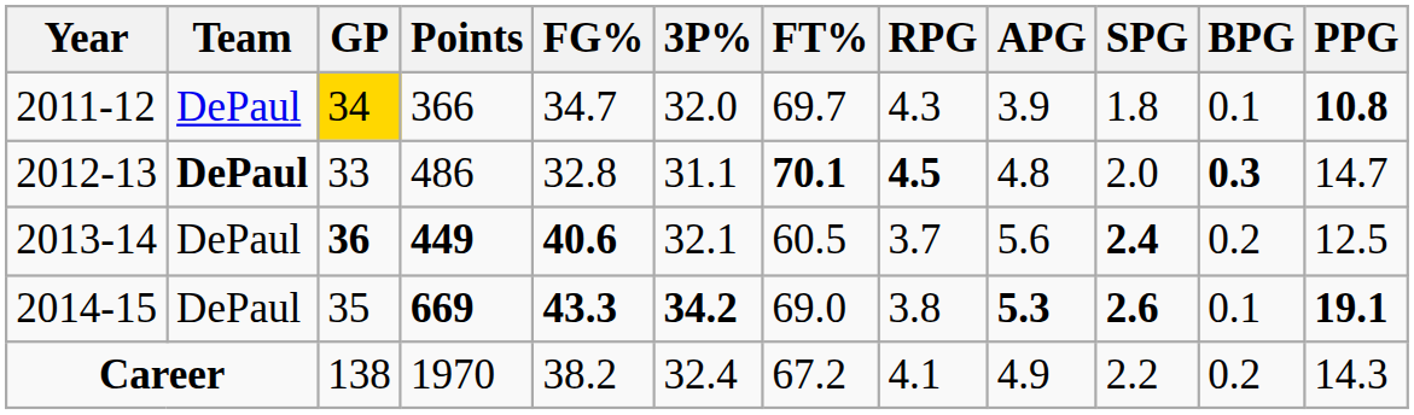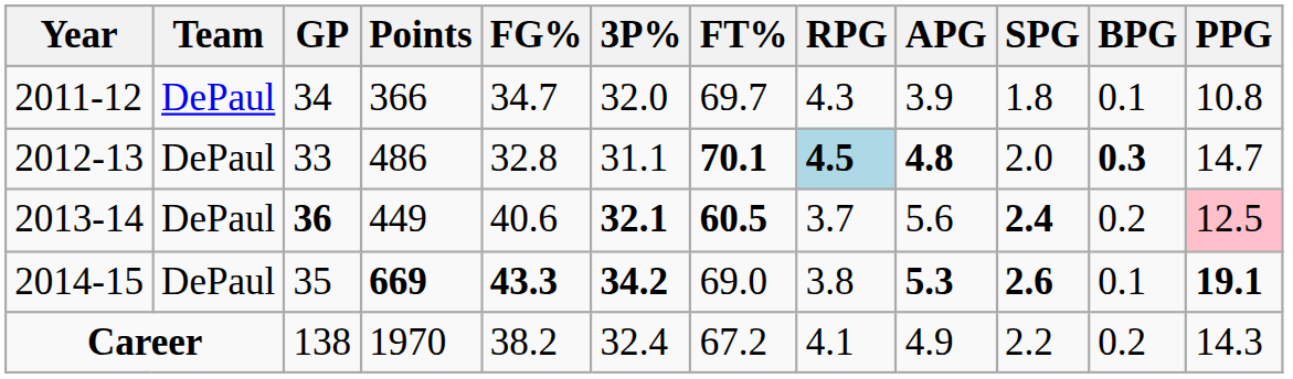 <table class="wikitable sortable">
 <tr>
 <th>Year</th>
 <th>Team</th>
 <th>GP</th>
 <th>Points</th>
 <th>FG%</th>
 <th>3P%</th>
 <th>FT%</th>
 <th>RPG</th>
 <th>APG</th>
 <th>SPG</th>
 <th>BPG</th>
 <th>PPG</th>
 </tr>
 <tr>
 <td>2011-12</td>
 <td><a href='#'>DePaul</a></td>
-<td style="background: gold;">34</td>
+<td>34</td>
 <td>366</td>
 <td>34.7</td>
 <td>32.0</td>
 <td>69.7</td>
 <td>4.3</td>
 <td>3.9</td>
 <td>1.8</td>
 <td>0.1</td>
-<td><strong>10.8</strong></td>
+<td>10.8</td>
 </tr>
 <tr>
 <td>2012-13</td>
-<td><strong>DePaul</strong></td>
+<td>DePaul</td>
 <td>33</td>
 <td>486</td>
 <td>32.8</td>
 <td>31.1</td>
 <td><strong>70.1</strong></td>
-<td><strong>4.5</strong></td>
-<td>4.8</td>
+<td style="background: lightblue;"><strong>4.5</strong></td>
+<td><strong>4.8</strong></td>
 <td>2.0</td>
 <td><strong>0.3</strong></td>
 <td>14.7</td>
 </tr>
 <tr>
 <td>2013-14</td>
 <td>DePaul</td>
 <td><strong>36</strong></td>
-<td><strong>449</strong></td>
-<td><strong>40.6</strong></td>
-<td>32.1</td>
-<td>60.5</td>
+<td>449</td>
+<td>40.6</td>
+<td><strong>32.1</strong></td>
+<td><strong>60.5</strong></td>
 <td>3.7</td>
 <td>5.6</td>
 <td><strong>2.4</strong></td>
 <td>0.2</td>
-<td>12.5</td>
+<td style="background: pink;">12.5</td>
 </tr>
 <tr>
 <td>2014-15</td>
 <td>DePaul</td>
 <td>35</td>
 <td><strong>669</strong></td>
 <td><strong>43.3</strong></td>
 <td><strong>34.2</strong></td>
 <td>69.0</td>
 <td>3.8</td>
 <td><strong>5.3</strong></td>
 <td><strong>2.6</strong></td>
 <td>0.1</td>
 <td><strong>19.1</strong></td>
 </tr>
 <tr class="sortbottom">
 <td align=center colspan=2><strong>Career</strong></td>
 <td>138</td>
 <td>1970</td>
 <td>38.2</td>
 <td>32.4</td>
 <td>67.2</td>
 <td>4.1</td>
 <td>4.9</td>
 <td>2.2</td>
 <td>0.2</td>
 <td>14.3</td>
 </tr>
 </table>
